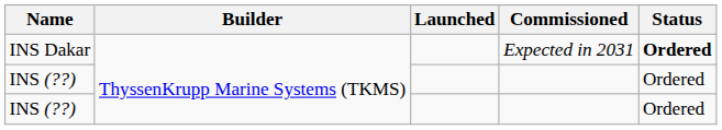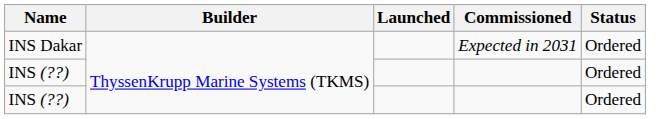 <table class="wikitable">
 <tr>
 <th>Name</th>
 <th>Builder</th>
 <th>Launched</th>
 <th>Commissioned</th>
 <th>Status</th>
 </tr>
 <tr>
 <td>INS Dakar</td>
 <td rowspan=3><br><a href='#'>ThyssenKrupp Marine Systems</a> (TKMS)</td>
 <td></td>
 <td><em>Expected in 2031</em></td>
-<td><strong>Ordered</strong></td>
+<td>Ordered</td>
 </tr>
 <tr>
 <td>INS <em>(??)</em></td>
 <td></td>
 <td></td>
 <td>Ordered</td>
 </tr>
 <tr>
 <td>INS <em>(??)</em></td>
 <td></td>
 <td></td>
 <td>Ordered</td>
 </tr>
 </table>
